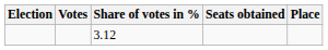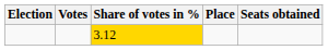 <table class="wikitable">
 <tr>
 <th>Election</th>
 <th>Votes</th>
 <th>Share of votes in %</th>
+<th>Place</th>
 <th>Seats obtained</th>
-<th>Place</th>
 </tr>
 <tr>
 <td></td>
 <td></td>
-<td>3.12</td>
+<td style="background: gold;">3.12</td>
 <td></td>
 <td></td>
 </tr>
 </table>
